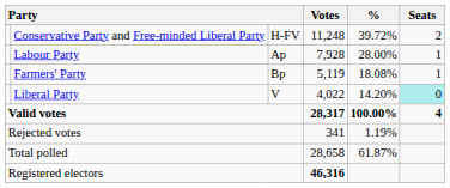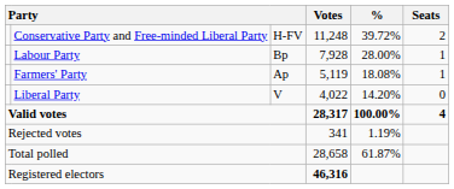 <table class="wikitable" border="1" style="text-align:right;">
 <tr>
 <th style="text-align:left;" colspan=3>Party</th>
 <th align=center width="50">Votes</th>
 <th align=center width="50">%</th>
 <th align=center width="50">Seats</th>
 </tr>
 <tr>
 <td></td>
 <td align=left><a href='#'>Conservative Party</a> and <a href='#'>Free-minded Liberal Party</a></td>
 <td align=left>H-FV</td>
 <td>11,248</td>
 <td>39.72%</td>
 <td>2</td>
 </tr>
 <tr>
 <td style="color:inherit;background:"></td>
 <td align=left><a href='#'>Labour Party</a></td>
-<td align=left>Ap</td>
+<td align=left>Bp</td>
 <td>7,928</td>
 <td>28.00%</td>
 <td>1</td>
 </tr>
 <tr>
 <td style="color:inherit;background:"></td>
 <td align=left><a href='#'>Farmers' Party</a></td>
-<td align=left>Bp</td>
+<td align=left>Ap</td>
 <td>5,119</td>
 <td>18.08%</td>
 <td>1</td>
 </tr>
 <tr>
 <td style="color:inherit;background:"></td>
 <td align=left><a href='#'>Liberal Party</a></td>
 <td align=left>V</td>
 <td>4,022</td>
 <td>14.20%</td>
-<td style="background: paleturquoise;">0</td>
+<td>0</td>
 </tr>
 <tr style="font-weight:bold">
 <td align=left colspan=3>Valid votes</td>
 <td>28,317</td>
 <td>100.00%</td>
 <td>4</td>
 </tr>
 <tr>
 <td align=left colspan=3>Rejected votes</td>
 <td>341</td>
 <td>1.19%</td>
 <td></td>
 </tr>
 <tr>
 <td align=left colspan=3>Total polled</td>
 <td>28,658</td>
 <td>61.87%</td>
 <td></td>
 </tr>
 <tr>
 <td align=left colspan=3>Registered electors</td>
 <td><strong>46,316</strong></td>
 <td></td>
 <td></td>
 </tr>
 </table>
